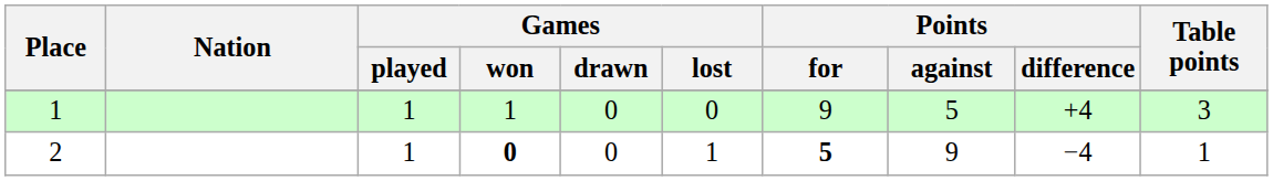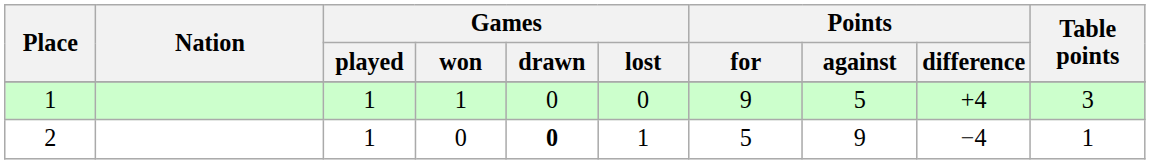 <table class="wikitable">
 <tr>
 <th rowspan=2 width="8%">Place</th>
 <th rowspan=2 width="20%">Nation</th>
 <th colspan=4 width="32%">Games</th>
 <th colspan=3 width="30%">Points</th>
 <th rowspan=2 width="10%">Table<br>points</th>
 </tr>
 <tr>
 <th width="8%">played</th>
 <th width="8%">won</th>
 <th width="8%">drawn</th>
 <th width="8%">lost</th>
 <th width="10%">for</th>
 <th width="10%">against</th>
 <th width="10%">difference</th>
 </tr>
 <tr>
 </tr>
 <tr bgcolor=#ccffcc align=center>
 <td>1</td>
 <td align=left><strong></strong></td>
 <td>1</td>
 <td>1</td>
 <td>0</td>
 <td>0</td>
 <td>9</td>
 <td>5</td>
 <td>+4</td>
 <td>3</td>
 </tr>
 <tr bgcolor=#ffffff align=center>
 <td>2</td>
 <td align=left></td>
 <td>1</td>
+<td>0</td>
 <td><strong>0</strong></td>
-<td>0</td>
 <td>1</td>
-<td><strong>5</strong></td>
+<td>5</td>
 <td>9</td>
 <td>−4</td>
 <td>1</td>
 </tr>
 </table>
